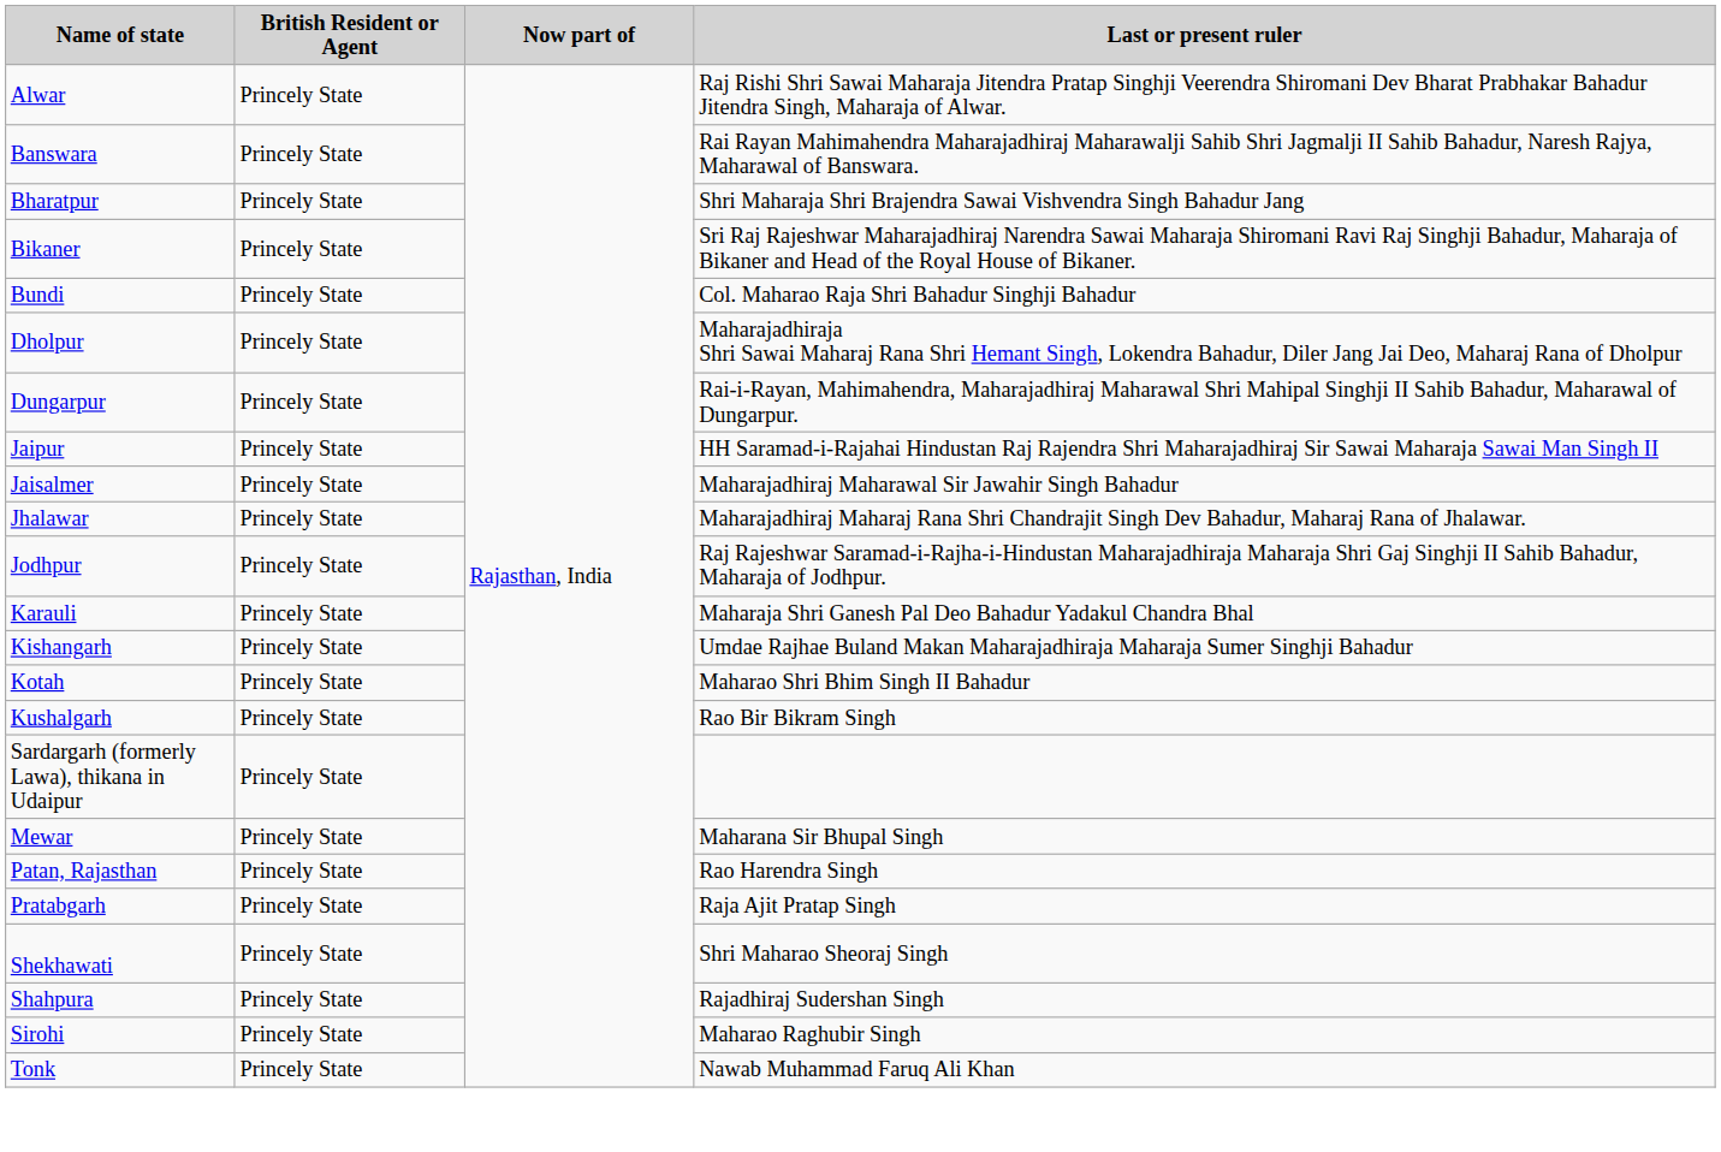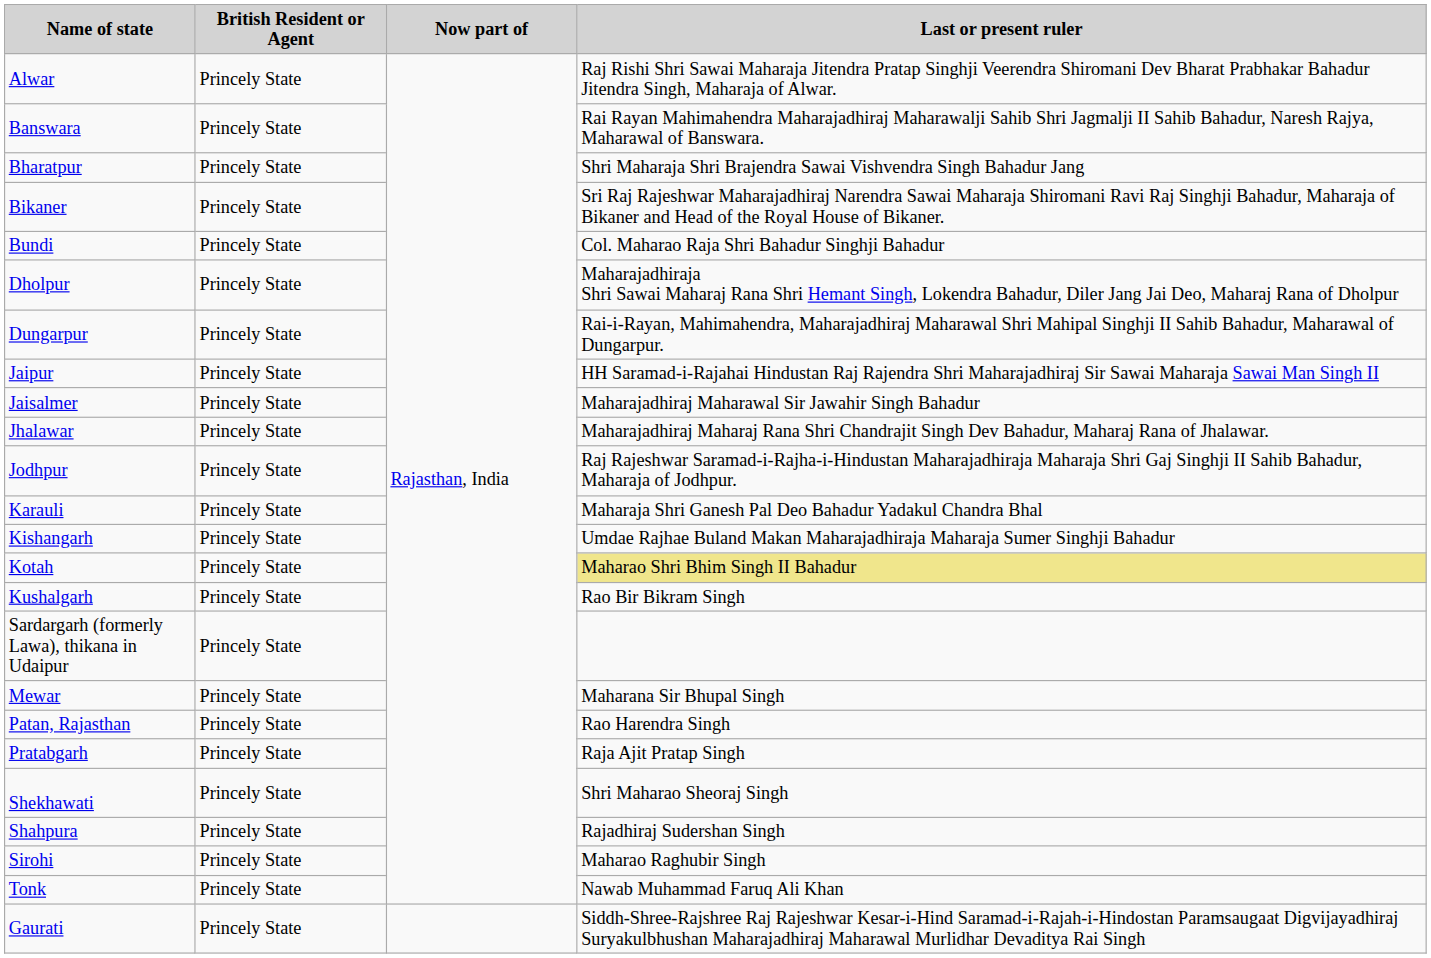 <table class="wikitable">
 <tr>
 <th style="width: 160px; background-color: lightgrey;">Name of state</th>
 <th style="width: 160px; background-color: lightgrey;">British Resident or Agent</th>
 <th style="width: 160px; background-color: lightgrey;">Now part of</th>
 <th style="background-color: lightgrey;">Last or present ruler</th>
 </tr>
 <tr>
 <td> <a href='#'>Alwar</a></td>
 <td>Princely State</td>
 <td rowspan="23"><a href='#'>Rajasthan</a>, India</td>
 <td>Raj Rishi Shri Sawai Maharaja Jitendra Pratap Singhji Veerendra Shiromani Dev Bharat Prabhakar Bahadur Jitendra Singh, Maharaja of Alwar.</td>
 </tr>
 <tr>
 <td> <a href='#'>Banswara</a></td>
 <td>Princely State</td>
 <td>Rai Rayan Mahimahendra Maharajadhiraj Maharawalji Sahib Shri Jagmalji II Sahib Bahadur, Naresh Rajya, Maharawal of Banswara.</td>
 </tr>
 <tr>
 <td> <a href='#'>Bharatpur</a></td>
 <td>Princely State</td>
 <td>Shri Maharaja Shri Brajendra Sawai Vishvendra Singh Bahadur Jang</td>
 </tr>
 <tr>
 <td> <a href='#'>Bikaner</a></td>
 <td>Princely State</td>
 <td>Sri Raj Rajeshwar Maharajadhiraj Narendra Sawai Maharaja Shiromani Ravi Raj Singhji Bahadur, Maharaja of Bikaner and Head of the Royal House of Bikaner.</td>
 </tr>
 <tr>
 <td> <a href='#'>Bundi</a></td>
 <td>Princely State</td>
 <td>Col. Maharao Raja Shri Bahadur Singhji Bahadur</td>
 </tr>
 <tr>
 <td> <a href='#'>Dholpur</a></td>
 <td>Princely State</td>
 <td>Maharajadhiraja<br>Shri Sawai Maharaj Rana Shri <a href='#'>Hemant Singh</a>, Lokendra Bahadur, Diler Jang Jai Deo, Maharaj Rana of Dholpur</td>
 </tr>
 <tr>
 <td> <a href='#'>Dungarpur</a></td>
 <td>Princely State</td>
 <td>Rai-i-Rayan, Mahimahendra, Maharajadhiraj Maharawal Shri Mahipal Singhji II Sahib Bahadur, Maharawal of Dungarpur.</td>
 </tr>
 <tr>
 <td> <a href='#'>Jaipur</a></td>
 <td>Princely State</td>
 <td>HH Saramad-i-Rajahai Hindustan Raj Rajendra Shri Maharajadhiraj Sir Sawai Maharaja <a href='#'>Sawai Man Singh II</a></td>
 </tr>
 <tr>
 <td> <a href='#'>Jaisalmer</a></td>
 <td>Princely State</td>
 <td>Maharajadhiraj Maharawal Sir Jawahir Singh Bahadur</td>
 </tr>
 <tr>
 <td> <a href='#'>Jhalawar</a></td>
 <td>Princely State</td>
 <td>Maharajadhiraj Maharaj Rana Shri Chandrajit Singh Dev Bahadur, Maharaj Rana of Jhalawar.</td>
 </tr>
 <tr>
 <td> <a href='#'>Jodhpur</a></td>
 <td>Princely State</td>
 <td>Raj Rajeshwar Saramad-i-Rajha-i-Hindustan Maharajadhiraja Maharaja Shri Gaj Singhji II Sahib Bahadur, Maharaja of Jodhpur.</td>
 </tr>
 <tr>
 <td> <a href='#'>Karauli</a></td>
 <td>Princely State</td>
 <td>Maharaja Shri Ganesh Pal Deo Bahadur Yadakul Chandra Bhal</td>
 </tr>
 <tr>
 <td> <a href='#'>Kishangarh</a></td>
 <td>Princely State</td>
 <td>Umdae Rajhae Buland Makan Maharajadhiraja Maharaja Sumer Singhji Bahadur</td>
 </tr>
 <tr>
 <td> <a href='#'>Kotah</a></td>
 <td>Princely State</td>
-<td>Maharao Shri Bhim Singh II Bahadur</td>
+<td style="background: khaki;">Maharao Shri Bhim Singh II Bahadur</td>
 </tr>
 <tr>
 <td> <a href='#'>Kushalgarh</a></td>
 <td>Princely State</td>
 <td>Rao Bir Bikram Singh</td>
 </tr>
 <tr>
 <td> Sardargarh (formerly Lawa), thikana in Udaipur</td>
 <td>Princely State</td>
 <td></td>
 </tr>
 <tr>
 <td> <a href='#'>Mewar</a></td>
 <td>Princely State</td>
 <td>Maharana Sir Bhupal Singh</td>
 </tr>
 <tr>
 <td><a href='#'>Patan, Rajasthan</a></td>
 <td>Princely State</td>
 <td>Rao Harendra Singh</td>
 </tr>
 <tr>
 <td> <a href='#'>Pratabgarh</a></td>
 <td>Princely State</td>
 <td>Raja Ajit Pratap Singh</td>
 </tr>
 <tr>
 <td><br><a href='#'>Shekhawati</a></td>
 <td>Princely State</td>
 <td>Shri Maharao Sheoraj Singh</td>
 </tr>
 <tr>
 <td> <a href='#'>Shahpura</a></td>
 <td>Princely State</td>
 <td>Rajadhiraj Sudershan Singh</td>
 </tr>
 <tr>
 <td> <a href='#'>Sirohi</a></td>
 <td>Princely State</td>
 <td>Maharao Raghubir Singh</td>
 </tr>
 <tr>
 <td> <a href='#'>Tonk</a></td>
 <td>Princely State</td>
 <td>Nawab Muhammad Faruq Ali Khan</td>
 </tr>
+<tr>
+<td><a href='#'>Gaurati</a></td>
+<td>Princely State</td>
+<td></td>
+<td>Siddh-Shree-Rajshree Raj Rajeshwar Kesar-i-Hind Saramad-i-Rajah-i-Hindostan Paramsaugaat Digvijayadhiraj Suryakulbhushan Maharajadhiraj Maharawal Murlidhar Devaditya Rai Singh</td>
+</tr>
 </table>
